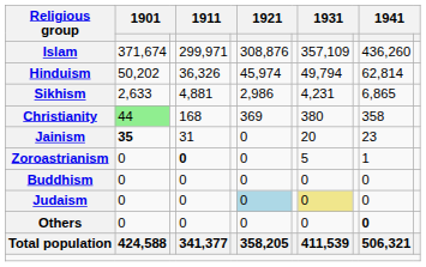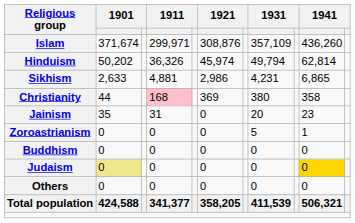 <table class="wikitable sortable">
 <tr>
 <th rowspan="2"><a href='#'>Religious</a><br>group</th>
 <th colspan="2">1901</th>
 <th colspan="2">1911</th>
 <th colspan="2">1921</th>
 <th colspan="2">1931</th>
 <th colspan="2">1941</th>
 </tr>
 <tr>
 <th><a href='#'></a></th>
 <th></th>
 <th></th>
 <th></th>
 <th></th>
 <th></th>
 <th></th>
 <th></th>
 <th></th>
 <th></th>
 </tr>
 <tr>
 <th><a href='#'>Islam</a> </th>
 <td>371,674</td>
 <td></td>
 <td>299,971</td>
 <td></td>
 <td>308,876</td>
 <td></td>
 <td>357,109</td>
 <td></td>
 <td>436,260</td>
 <td></td>
 </tr>
 <tr>
 <th><a href='#'>Hinduism</a> </th>
 <td>50,202</td>
 <td></td>
 <td>36,326</td>
 <td></td>
 <td>45,974</td>
 <td></td>
 <td>49,794</td>
 <td></td>
 <td>62,814</td>
 <td></td>
 </tr>
 <tr>
 <th><a href='#'>Sikhism</a> </th>
 <td>2,633</td>
 <td></td>
 <td>4,881</td>
 <td></td>
 <td>2,986</td>
 <td></td>
 <td>4,231</td>
 <td></td>
 <td>6,865</td>
 <td></td>
 </tr>
 <tr>
 <th><a href='#'>Christianity</a> </th>
-<td style="background: lightgreen;">44</td>
+<td>44</td>
 <td></td>
-<td>168</td>
+<td style="background: pink;">168</td>
 <td></td>
 <td>369</td>
 <td></td>
 <td>380</td>
 <td></td>
 <td>358</td>
 <td></td>
 </tr>
 <tr>
 <th><a href='#'>Jainism</a> </th>
-<td><strong>35</strong></td>
+<td>35</td>
 <td></td>
 <td>31</td>
 <td></td>
 <td>0</td>
 <td></td>
 <td>20</td>
 <td></td>
 <td>23</td>
 <td></td>
 </tr>
 <tr>
 <th><a href='#'>Zoroastrianism</a> </th>
 <td>0</td>
 <td></td>
-<td><strong>0</strong></td>
+<td>0</td>
 <td></td>
 <td>0</td>
 <td></td>
 <td>5</td>
 <td></td>
 <td>1</td>
 <td></td>
 </tr>
 <tr>
 <th><a href='#'>Buddhism</a> </th>
 <td>0</td>
 <td></td>
 <td>0</td>
 <td></td>
 <td>0</td>
 <td></td>
 <td>0</td>
 <td></td>
 <td>0</td>
 <td></td>
 </tr>
 <tr>
 <th><a href='#'>Judaism</a> </th>
+<td style="background: khaki;">0</td>
+<td></td>
 <td>0</td>
 <td></td>
 <td>0</td>
 <td></td>
-<td style="background: lightblue;">0</td>
+<td>0</td>
 <td></td>
-<td style="background: khaki;">0</td>
-<td></td>
-<td>0</td>
+<td style="background: gold;">0</td>
 <td></td>
 </tr>
 <tr>
 <th>Others</th>
 <td>0</td>
 <td></td>
 <td>0</td>
 <td></td>
 <td>0</td>
 <td></td>
 <td>0</td>
 <td></td>
-<td><strong>0</strong></td>
+<td>0</td>
 <td></td>
 </tr>
 <tr>
 <th>Total population</th>
 <th>424,588</th>
 <th></th>
 <th>341,377</th>
 <th></th>
 <th>358,205</th>
 <th></th>
 <th>411,539</th>
 <th></th>
 <th>506,321</th>
 <th></th>
 </tr>
 <tr class="sortbottom">
 <td colspan="11"></td>
 </tr>
 </table>
